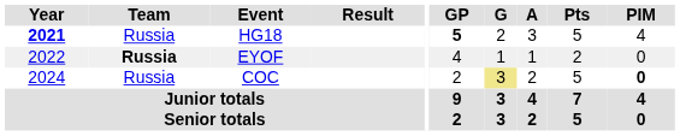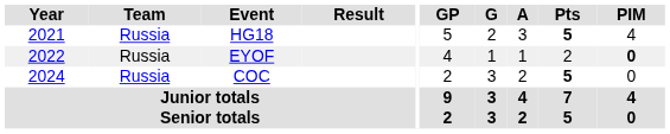 <table border="0" cellpadding="1" cellspacing="0" ID="Table3" style="text-align:center; width:40em;">
 <tr bgcolor="#e0e0e0">
 <th>Year</th>
 <th>Team</th>
 <th>Event</th>
 <th>Result</th>
 <th rowspan="104" bgcolor="#ffffff"></th>
 <th>GP</th>
 <th>G</th>
 <th>A</th>
 <th>Pts</th>
 <th>PIM</th>
 </tr>
 <tr>
-<td><strong><a href='#'>2021</a></strong></td>
+<td><a href='#'>2021</a></td>
 <td><a href='#'>Russia</a></td>
 <td><a href='#'>HG18</a></td>
 <td></td>
-<td><strong>5</strong></td>
+<td>5</td>
 <td>2</td>
 <td>3</td>
-<td>5</td>
+<td><strong>5</strong></td>
 <td>4</td>
 </tr>
 <tr bgcolor="#f0f0f0">
 <td><a href='#'>2022</a></td>
-<td><strong>Russia</strong></td>
+<td>Russia</td>
 <td><a href='#'>EYOF</a></td>
 <td></td>
 <td>4</td>
 <td>1</td>
 <td>1</td>
 <td>2</td>
-<td>0</td>
+<td><strong>0</strong></td>
 </tr>
 <tr>
 <td><a href='#'>2024</a></td>
 <td><a href='#'>Russia</a></td>
 <td><a href='#'>COC</a></td>
 <td></td>
 <td>2</td>
-<td style="background: khaki;">3</td>
+<td>3</td>
 <td>2</td>
-<td>5</td>
-<td><strong>0</strong></td>
+<td><strong>5</strong></td>
+<td>0</td>
 </tr>
 <tr bgcolor="#e0e0e0">
 <th colspan=4>Junior totals</th>
 <th>9</th>
 <th>3</th>
 <th>4</th>
 <th>7</th>
 <th>4</th>
 </tr>
 <tr bgcolor="#e0e0e0">
 <th colspan=4>Senior totals</th>
 <th>2</th>
 <th>3</th>
 <th>2</th>
 <th>5</th>
 <th>0</th>
 </tr>
 <tr>
 </tr>
 </table>
